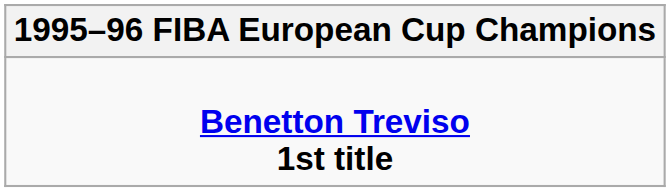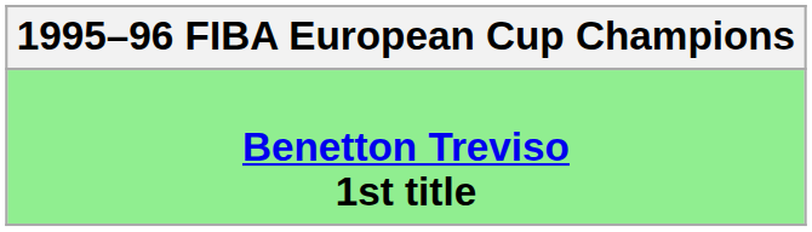 <table class=wikitable style="text-align:center; margin:auto">
 <tr>
 <th>1995–96 FIBA European Cup Champions</th>
 </tr>
 <tr>
-<td><br> <strong><a href='#'>Benetton Treviso</a></strong> <br> <strong>1st title</strong></td>
+<td style="background: lightgreen;"><br> <strong><a href='#'>Benetton Treviso</a></strong> <br> <strong>1st title</strong></td>
 </tr>
 </table>
